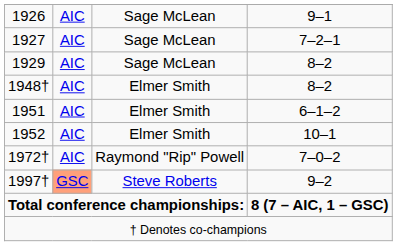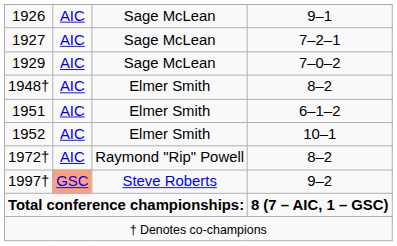 <table class="wikitable" style="text-align:center">
 <tr>
 </tr>
 <tr align="center">
 <td>1926</td>
 <td><a href='#'>AIC</a></td>
 <td>Sage McLean</td>
 <td>9–1</td>
 </tr>
 <tr align="center">
 <td>1927</td>
 <td><a href='#'>AIC</a></td>
 <td>Sage McLean</td>
 <td>7–2–1</td>
 </tr>
 <tr align="center">
 <td>1929</td>
 <td><a href='#'>AIC</a></td>
 <td>Sage McLean</td>
-<td>8–2</td>
+<td>7–0–2</td>
 </tr>
 <tr align="center">
 <td>1948†</td>
 <td><a href='#'>AIC</a></td>
 <td>Elmer Smith</td>
 <td>8–2</td>
 </tr>
 <tr align="center">
 <td>1951</td>
 <td><a href='#'>AIC</a></td>
 <td>Elmer Smith</td>
 <td>6–1–2</td>
 </tr>
 <tr align="center">
 <td>1952</td>
 <td><a href='#'>AIC</a></td>
 <td>Elmer Smith</td>
 <td>10–1</td>
 </tr>
 <tr align="center">
 <td>1972†</td>
 <td><a href='#'>AIC</a></td>
 <td>Raymond "Rip" Powell</td>
-<td>7–0–2</td>
+<td>8–2</td>
 </tr>
 <tr align="center">
 <td>1997†</td>
 <td style="background: lightsalmon;"><a href='#'>GSC</a></td>
 <td><a href='#'>Steve Roberts</a></td>
 <td>9–2</td>
 </tr>
 <tr>
 <td colspan=3><strong>Total conference championships:</strong></td>
 <td colspan=2><strong>8 (7 – AIC, 1 – GSC)</strong></td>
 </tr>
 <tr>
 <td colspan=7><small>† Denotes co-champions</small></td>
 </tr>
 </table>
